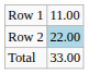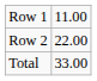 <table class="wikitable">
 <tr>
 <td>Row 1</td>
 <td>11.00</td>
 </tr>
 <tr>
 <td>Row 2</td>
-<td style="background: lightblue;">22.00</td>
+<td>22.00</td>
 </tr>
 <tr>
 <td>Total</td>
 <td>33.00</td>
 </tr>
 </table>
